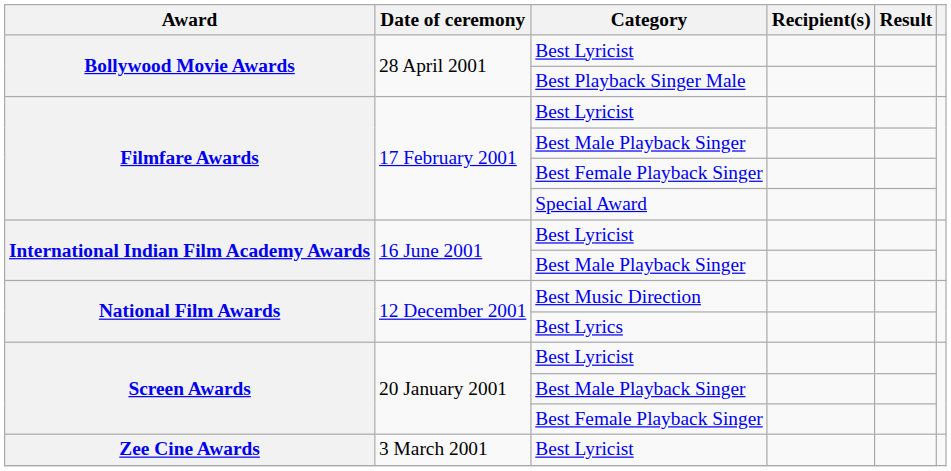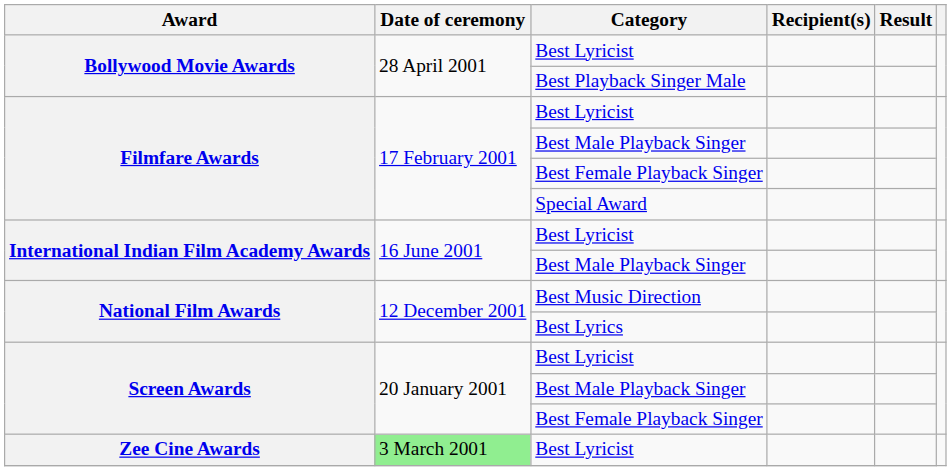 <table class="wikitable plainrowheaders sortable">
 <tr>
 <th scope="col">Award</th>
 <th scope="col">Date of ceremony</th>
 <th scope="col">Category</th>
 <th scope="col">Recipient(s)</th>
 <th scope="col">Result</th>
 <th scope="col" class="unsortable"></th>
 </tr>
 <tr>
 <th scope="row" rowspan="2"><a href='#'>Bollywood Movie Awards</a></th>
 <td rowspan="2">28 April 2001</td>
 <td><a href='#'>Best Lyricist</a></td>
 <td></td>
 <td></td>
 <td style="text-align:center;" rowspan="2"></td>
 </tr>
 <tr>
 <td><a href='#'>Best Playback Singer Male</a></td>
 <td></td>
 <td></td>
 </tr>
 <tr>
 <th scope="row" rowspan="4"><a href='#'>Filmfare Awards</a></th>
 <td rowspan="4"><a href='#'>17 February 2001</a></td>
 <td><a href='#'>Best Lyricist</a></td>
 <td></td>
 <td></td>
 <td style="text-align:center;" rowspan="4"><br></td>
 </tr>
 <tr>
 <td><a href='#'>Best Male Playback Singer</a></td>
 <td></td>
 <td></td>
 </tr>
 <tr>
 <td><a href='#'>Best Female Playback Singer</a></td>
 <td></td>
 <td></td>
 </tr>
 <tr>
 <td><a href='#'>Special Award</a></td>
 <td></td>
 <td></td>
 </tr>
 <tr>
 <th scope="row" rowspan="2"><a href='#'>International Indian Film Academy Awards</a></th>
 <td rowspan="2"><a href='#'>16 June 2001</a></td>
 <td><a href='#'>Best Lyricist</a></td>
 <td></td>
 <td></td>
 <td style="text-align:center;" rowspan="2"><br><br></td>
 </tr>
 <tr>
 <td><a href='#'>Best Male Playback Singer</a></td>
 <td></td>
 <td></td>
 </tr>
 <tr>
 <th scope="row" rowspan="2"><a href='#'>National Film Awards</a></th>
 <td rowspan="2"><a href='#'>	12 December 2001</a></td>
 <td><a href='#'>Best Music Direction</a></td>
 <td></td>
 <td></td>
 <td style="text-align:center;" rowspan="2"></td>
 </tr>
 <tr>
 <td><a href='#'>Best Lyrics</a></td>
 <td></td>
 <td></td>
 </tr>
 <tr>
 <th scope="row" rowspan="3"><a href='#'>Screen Awards</a></th>
 <td rowspan="3">20 January 2001</td>
 <td><a href='#'>Best Lyricist</a></td>
 <td></td>
 <td></td>
 <td style="text-align:center;" rowspan="3"><br><br></td>
 </tr>
 <tr>
 <td><a href='#'>Best Male Playback Singer</a></td>
 <td></td>
 <td></td>
 </tr>
 <tr>
 <td><a href='#'>Best Female Playback Singer</a></td>
 <td></td>
 <td></td>
 </tr>
 <tr>
 <th scope="row"><a href='#'>Zee Cine Awards</a></th>
-<td>3 March 2001</td>
+<td style="background: lightgreen;">3 March 2001</td>
 <td><a href='#'>Best Lyricist</a></td>
 <td></td>
 <td></td>
 <td style="text-align:center;" rowspan="2"><br></td>
 </tr>
 <tr>
 </tr>
 </table>
